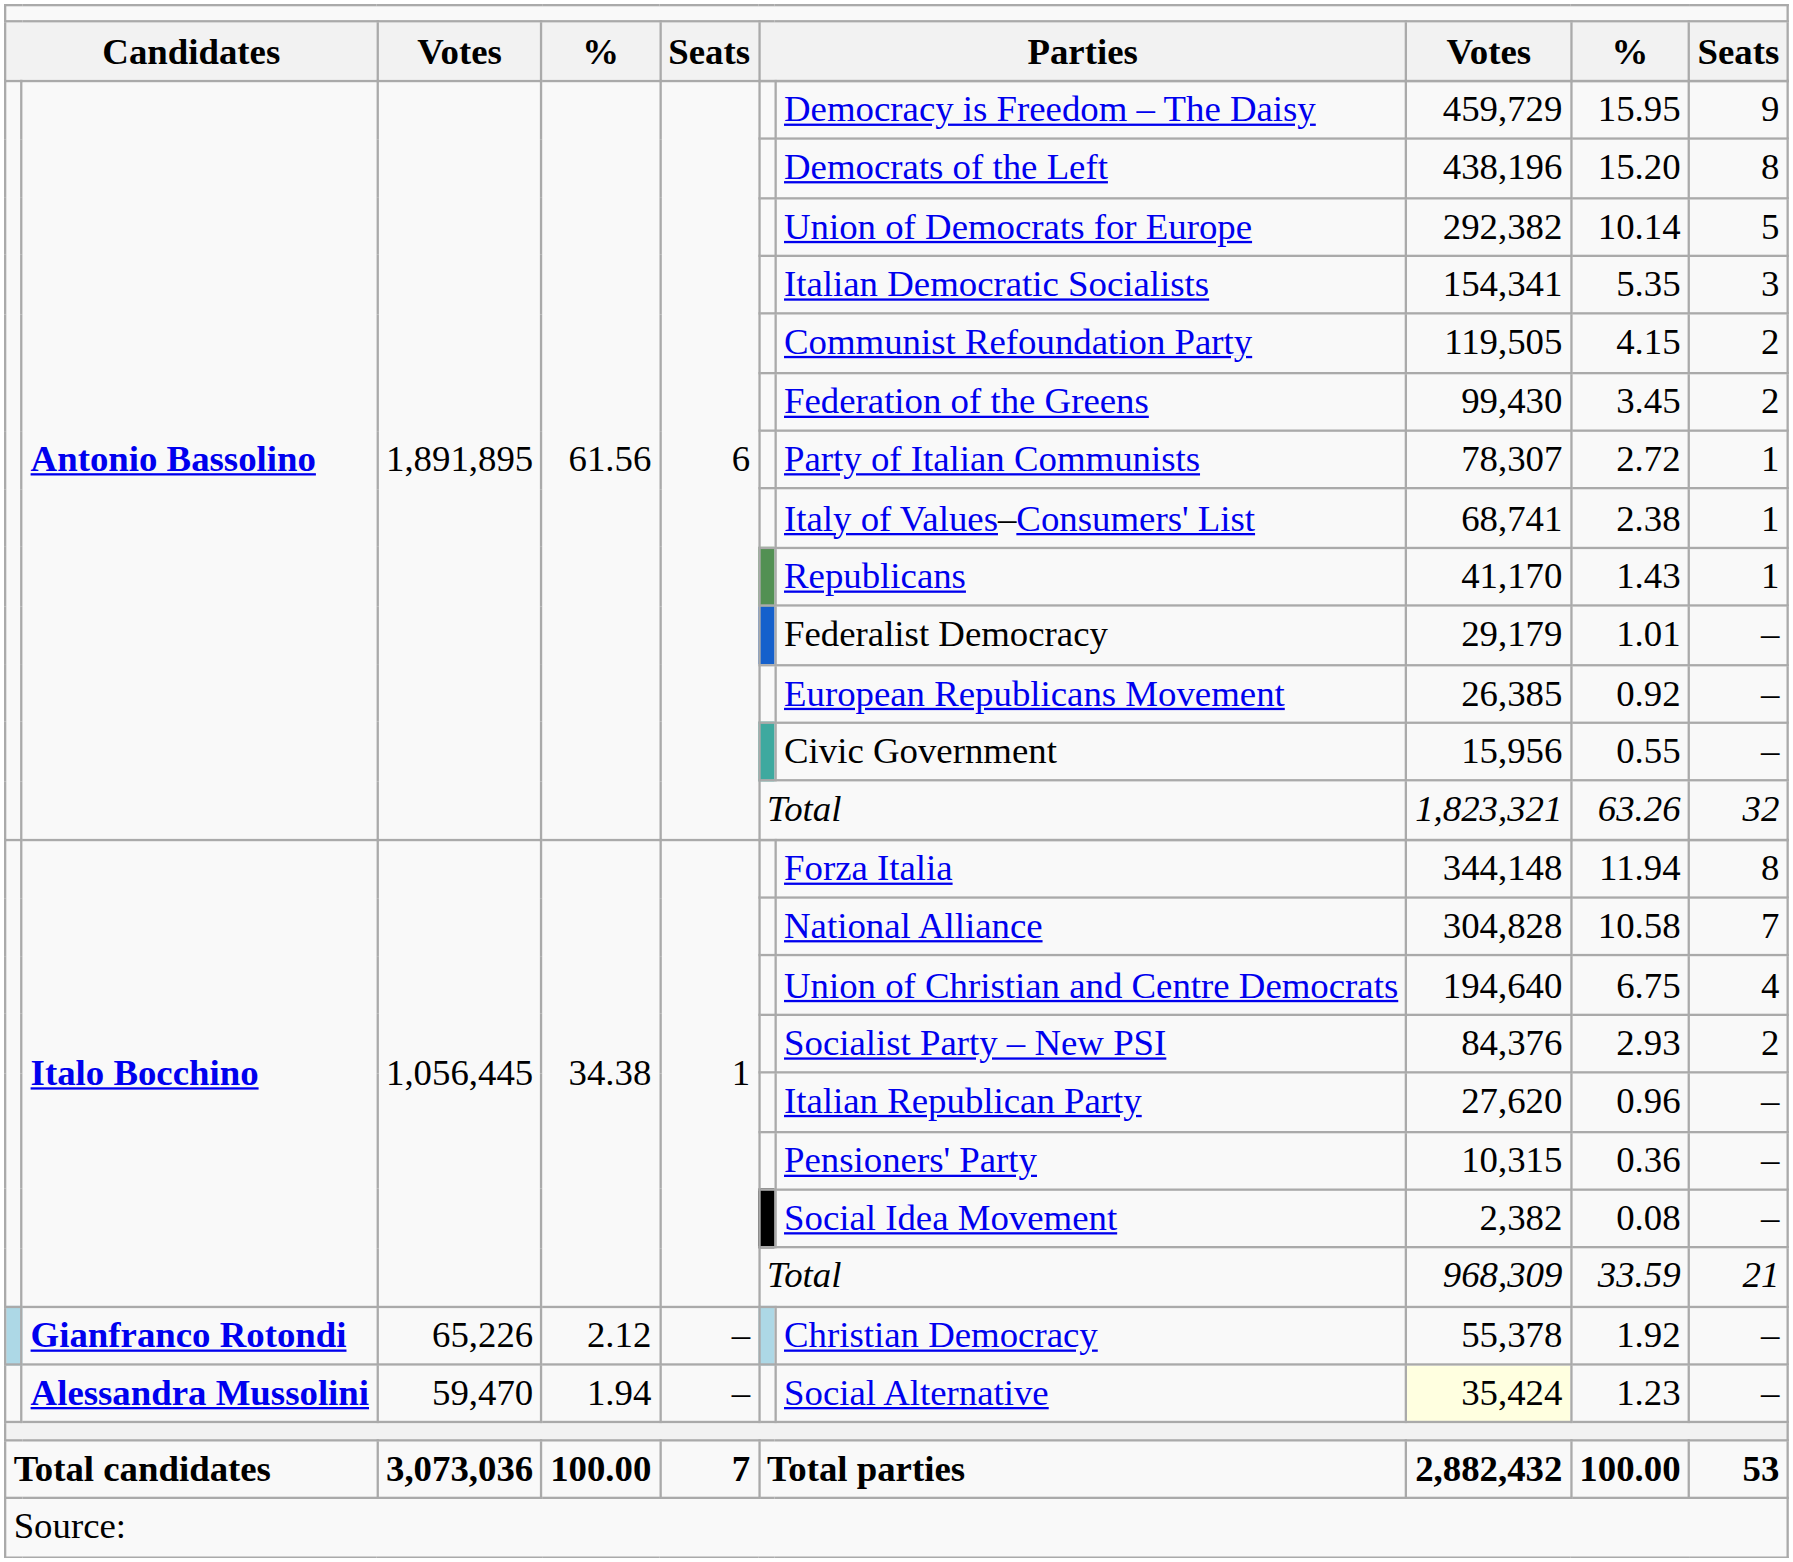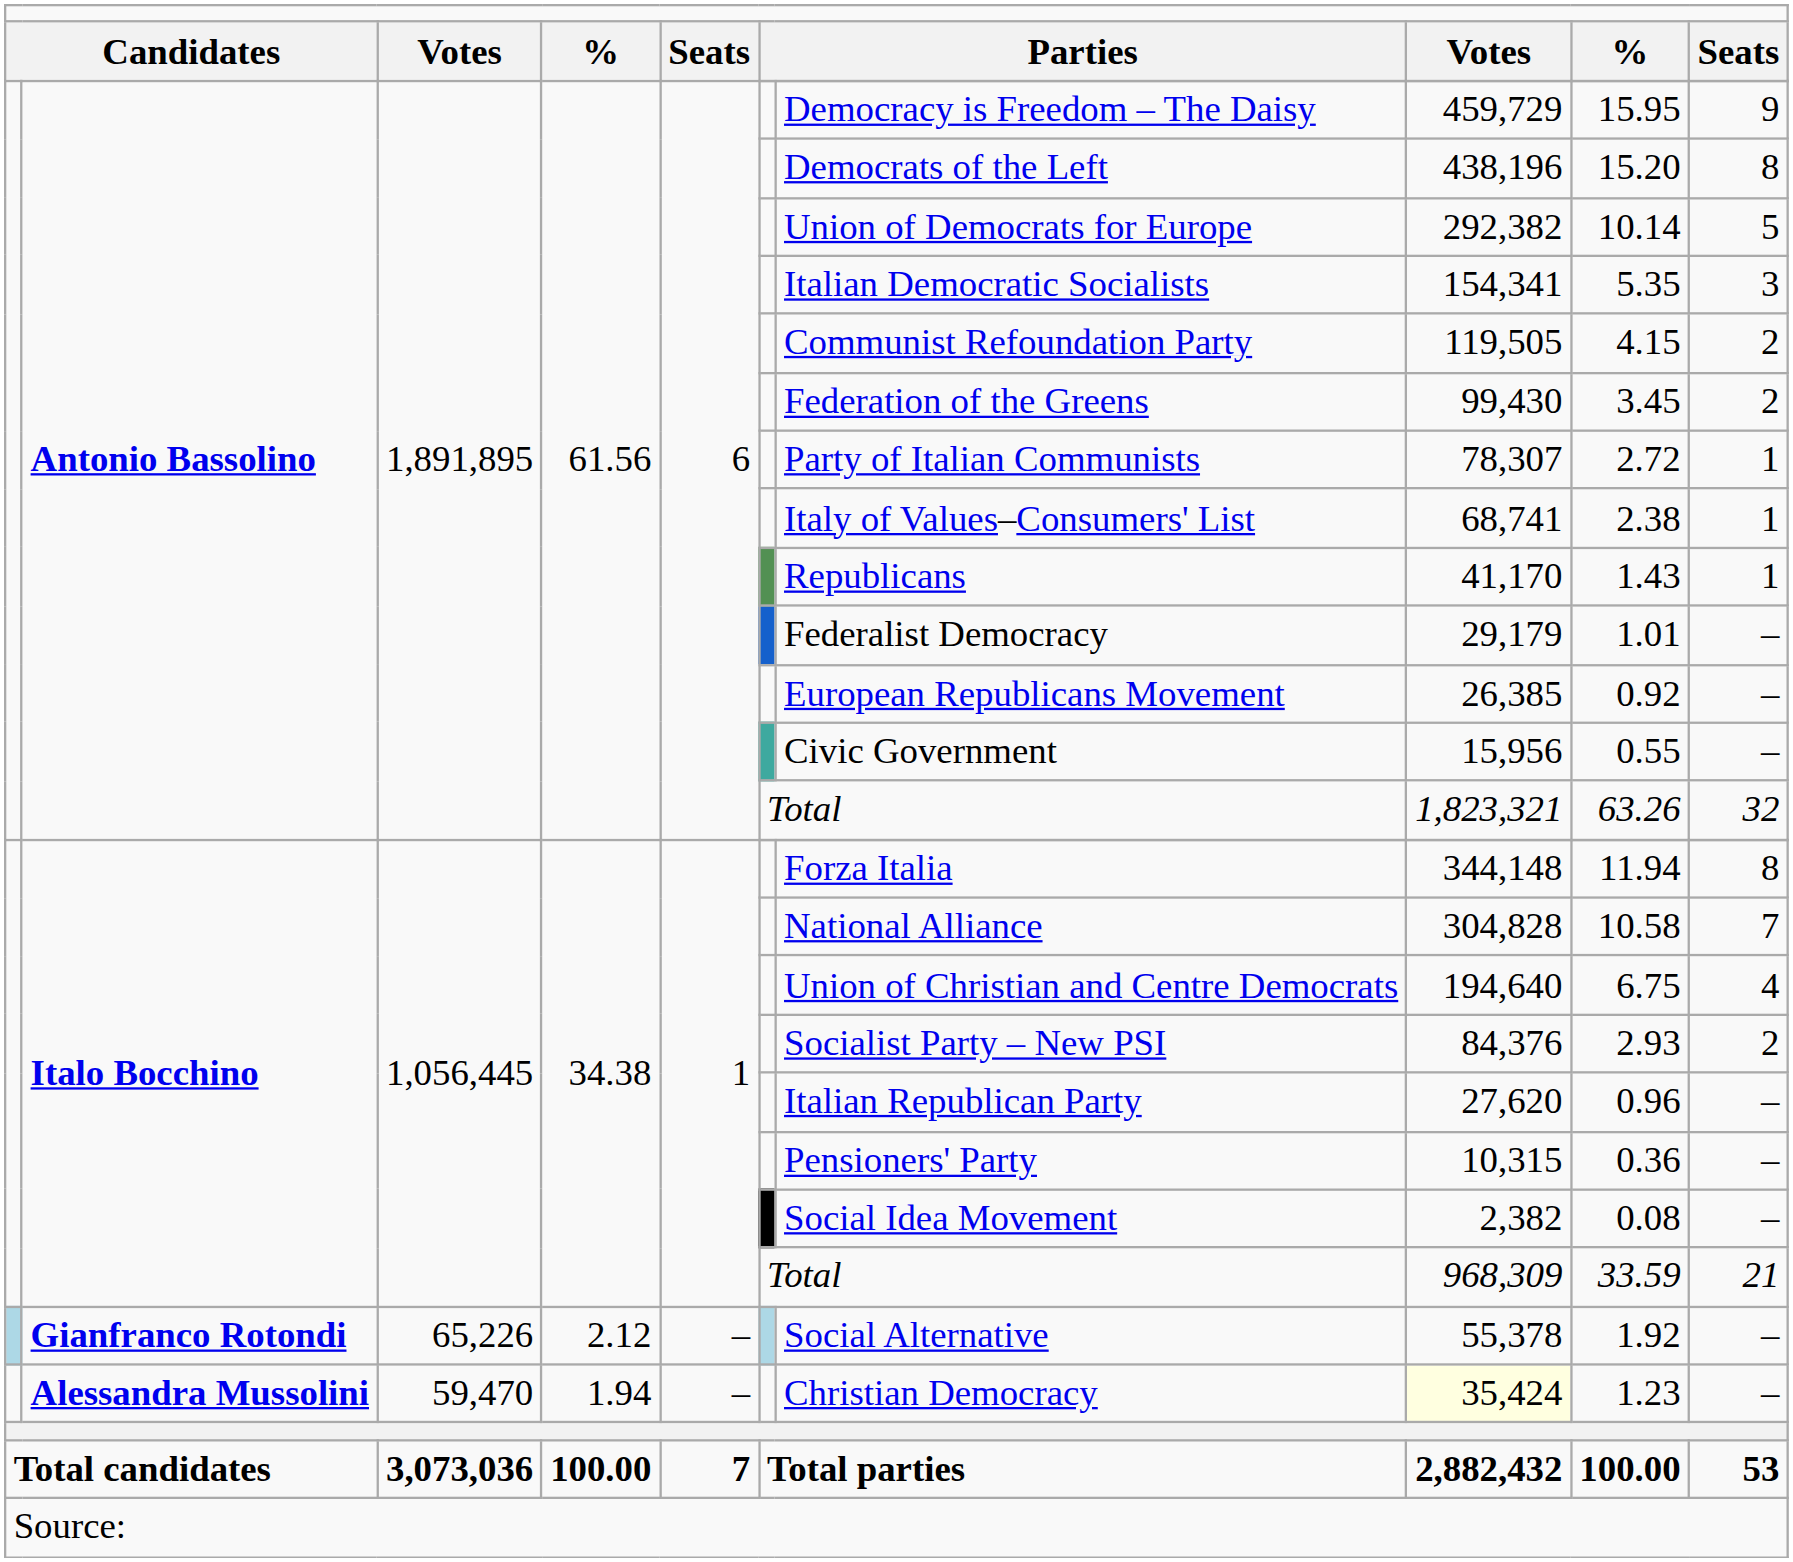 <table class="wikitable">
 <tr>
 <td colspan=10></td>
 </tr>
 <tr>
 <th colspan=2>Candidates</th>
 <th>Votes</th>
 <th>%</th>
 <th>Seats</th>
 <th colspan=2>Parties</th>
 <th>Votes</th>
 <th>%</th>
 <th>Seats</th>
 </tr>
 <tr>
 <td rowspan=14></td>
 <td rowspan=14><strong><a href='#'>Antonio Bassolino</a></strong></td>
 <td rowspan=14 align=right>1,891,895</td>
 <td rowspan=14 align=right>61.56</td>
 <td rowspan=14 align=right>6</td>
 </tr>
 <tr>
 <td></td>
 <td><a href='#'>Democracy is Freedom – The Daisy</a></td>
 <td align=right>459,729</td>
 <td align=right>15.95</td>
 <td align=right>9</td>
 </tr>
 <tr>
 <td></td>
 <td><a href='#'>Democrats of the Left</a></td>
 <td align=right>438,196</td>
 <td align=right>15.20</td>
 <td align=right>8</td>
 </tr>
 <tr>
 <td></td>
 <td><a href='#'>Union of Democrats for Europe</a></td>
 <td align=right>292,382</td>
 <td align=right>10.14</td>
 <td align=right>5</td>
 </tr>
 <tr>
 <td></td>
 <td><a href='#'>Italian Democratic Socialists</a></td>
 <td align=right>154,341</td>
 <td align=right>5.35</td>
 <td align=right>3</td>
 </tr>
 <tr>
 <td></td>
 <td><a href='#'>Communist Refoundation Party</a></td>
 <td align=right>119,505</td>
 <td align=right>4.15</td>
 <td align=right>2</td>
 </tr>
 <tr>
 <td></td>
 <td><a href='#'>Federation of the Greens</a></td>
 <td align=right>99,430</td>
 <td align=right>3.45</td>
 <td align=right>2</td>
 </tr>
 <tr>
 <td></td>
 <td><a href='#'>Party of Italian Communists</a></td>
 <td align=right>78,307</td>
 <td align=right>2.72</td>
 <td align=right>1</td>
 </tr>
 <tr>
 <td></td>
 <td><a href='#'>Italy of Values</a>–<a href='#'>Consumers' List</a></td>
 <td align=right>68,741</td>
 <td align=right>2.38</td>
 <td align=right>1</td>
 </tr>
 <tr>
 <td bgcolor="#529053"></td>
 <td><a href='#'>Republicans</a></td>
 <td align=right>41,170</td>
 <td align=right>1.43</td>
 <td align=right>1</td>
 </tr>
 <tr>
 <td bgcolor="#1560CC"></td>
 <td>Federalist Democracy</td>
 <td align=right>29,179</td>
 <td align=right>1.01</td>
 <td align=right>–</td>
 </tr>
 <tr>
 <td></td>
 <td><a href='#'>European Republicans Movement</a></td>
 <td align=right>26,385</td>
 <td align=right>0.92</td>
 <td align=right>–</td>
 </tr>
 <tr>
 <td bgcolor="#3EA99F"></td>
 <td>Civic Government</td>
 <td align=right>15,956</td>
 <td align=right>0.55</td>
 <td align=right>–</td>
 </tr>
 <tr>
 <td colspan=2><em>Total</em></td>
 <td align=right><em>1,823,321</em></td>
 <td align=right><em>63.26</em></td>
 <td align=right><em>32</em></td>
 </tr>
 <tr>
 <td rowspan=9></td>
 <td rowspan=9><strong><a href='#'>Italo Bocchino</a></strong></td>
 <td rowspan=9 align=right>1,056,445</td>
 <td rowspan=9 align=right>34.38</td>
 <td rowspan=9 align=right>1</td>
 </tr>
 <tr>
 <td></td>
 <td><a href='#'>Forza Italia</a></td>
 <td align=right>344,148</td>
 <td align=right>11.94</td>
 <td align=right>8</td>
 </tr>
 <tr>
 <td></td>
 <td><a href='#'>National Alliance</a></td>
 <td align=right>304,828</td>
 <td align=right>10.58</td>
 <td align=right>7</td>
 </tr>
 <tr>
 <td></td>
 <td><a href='#'>Union of Christian and Centre Democrats</a></td>
 <td align=right>194,640</td>
 <td align=right>6.75</td>
 <td align=right>4</td>
 </tr>
 <tr>
 <td></td>
 <td><a href='#'>Socialist Party – New PSI</a></td>
 <td align=right>84,376</td>
 <td align=right>2.93</td>
 <td align=right>2</td>
 </tr>
 <tr>
 <td></td>
 <td><a href='#'>Italian Republican Party</a></td>
 <td align=right>27,620</td>
 <td align=right>0.96</td>
 <td align=right>–</td>
 </tr>
 <tr>
 <td></td>
 <td><a href='#'>Pensioners' Party</a></td>
 <td align=right>10,315</td>
 <td align=right>0.36</td>
 <td align=right>–</td>
 </tr>
 <tr>
 <td bgcolor="black"></td>
 <td><a href='#'>Social Idea Movement</a></td>
 <td align=right>2,382</td>
 <td align=right>0.08</td>
 <td align=right>–</td>
 </tr>
 <tr>
 <td colspan=2><em>Total</em></td>
 <td align=right><em>968,309</em></td>
 <td align=right><em>33.59</em></td>
 <td align=right><em>21</em></td>
 </tr>
 <tr>
 <td bgcolor="lightblue"></td>
 <td><strong><a href='#'>Gianfranco Rotondi</a></strong></td>
 <td align=right>65,226</td>
 <td align=right>2.12</td>
 <td align=right>–</td>
 <td bgcolor="lightblue"></td>
-<td><a href='#'>Christian Democracy</a></td>
+<td><a href='#'>Social Alternative</a></td>
 <td align=right>55,378</td>
 <td align=right>1.92</td>
 <td align=right>–</td>
 </tr>
 <tr>
 <td></td>
 <td><strong><a href='#'>Alessandra Mussolini</a></strong></td>
 <td align=right>59,470</td>
 <td align=right>1.94</td>
 <td align=right>–</td>
 <td></td>
-<td><a href='#'>Social Alternative</a></td>
+<td><a href='#'>Christian Democracy</a></td>
 <td align=right style="background: lightyellow;">35,424</td>
 <td align=right>1.23</td>
 <td align=right>–</td>
 </tr>
 <tr>
 <th colspan=10></th>
 </tr>
 <tr>
 <td colspan=2><strong>Total candidates</strong></td>
 <td align=right><strong>3,073,036</strong></td>
 <td align=right><strong>100.00</strong></td>
 <td align=right><strong>7</strong></td>
 <td colspan=2><strong>Total parties</strong></td>
 <td align=right><strong>2,882,432</strong></td>
 <td align=right><strong>100.00</strong></td>
 <td align=right><strong>53</strong></td>
 </tr>
 <tr>
 <td colspan=10>Source: </td>
 </tr>
 </table>
